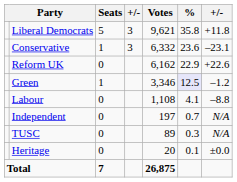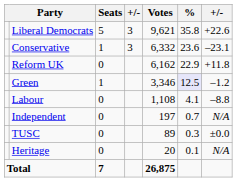 <table class="wikitable sortable">
 <tr>
 <th colspan="2">Party</th>
 <th>Seats</th>
 <th>+/-</th>
 <th>Votes</th>
 <th>%</th>
 <th>+/-</th>
 </tr>
 <tr>
 <td style="background-color: "></td>
 <td><a href='#'>Liberal Democrats</a></td>
 <td>5</td>
 <td> 3</td>
 <td style="text-align:right;">9,621</td>
 <td style="text-align:right;">35.8</td>
-<td style="text-align:right;">+11.8</td>
+<td style="text-align:right;">+22.6</td>
 </tr>
 <tr>
 <td style="background-color: "></td>
 <td><a href='#'>Conservative</a></td>
 <td>1</td>
 <td> 3</td>
 <td style="text-align:right;">6,332</td>
 <td style="text-align:right;">23.6</td>
 <td style="text-align:right;">–23.1</td>
 </tr>
 <tr>
 <td style="background-color: "></td>
 <td><a href='#'>Reform UK</a></td>
 <td>0</td>
 <td></td>
 <td style="text-align:right;">6,162</td>
 <td style="text-align:right;">22.9</td>
-<td style="text-align:right;">+22.6</td>
+<td style="text-align:right;">+11.8</td>
 </tr>
 <tr>
 <td style="background-color: "></td>
 <td><a href='#'>Green</a></td>
 <td>1</td>
 <td></td>
 <td style="text-align:right;">3,346</td>
 <td style="background: lavender; text-align:right;">12.5</td>
 <td style="text-align:right;">–1.2</td>
 </tr>
 <tr>
 <td style="background-color: "></td>
 <td><a href='#'>Labour</a></td>
 <td>0</td>
 <td></td>
 <td style="text-align:right;">1,108</td>
 <td style="text-align:right;">4.1</td>
 <td style="text-align:right;">–8.8</td>
 </tr>
 <tr>
 <td style="background-color: "></td>
 <td><a href='#'>Independent</a></td>
 <td>0</td>
 <td></td>
 <td style="text-align:right;">197</td>
 <td style="text-align:right;">0.7</td>
 <td style="text-align:right;"><em>N/A</em></td>
 </tr>
 <tr>
 <td style="background-color: "></td>
 <td><a href='#'>TUSC</a></td>
 <td>0</td>
 <td></td>
 <td style="text-align:right;">89</td>
 <td style="text-align:right;">0.3</td>
-<td style="text-align:right;"><em>N/A</em></td>
+<td style="text-align:right;">±0.0</td>
 </tr>
 <tr>
 <td style="background-color: "></td>
 <td><a href='#'>Heritage</a></td>
 <td>0</td>
 <td></td>
 <td style="text-align:right;">20</td>
 <td style="text-align:right;">0.1</td>
-<td style="text-align:right;">±0.0</td>
+<td style="text-align:right;"><em>N/A</em></td>
 </tr>
 <tr>
 <td colspan="2"><strong>Total</strong></td>
 <td><strong>7</strong></td>
 <td></td>
 <td style="text-align:right;"><strong>26,875</strong></td>
 <td style="text-align:right;"></td>
 <td style="text-align:right;"></td>
 </tr>
 </table>
